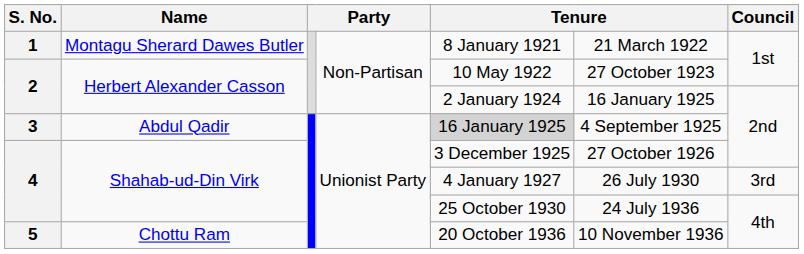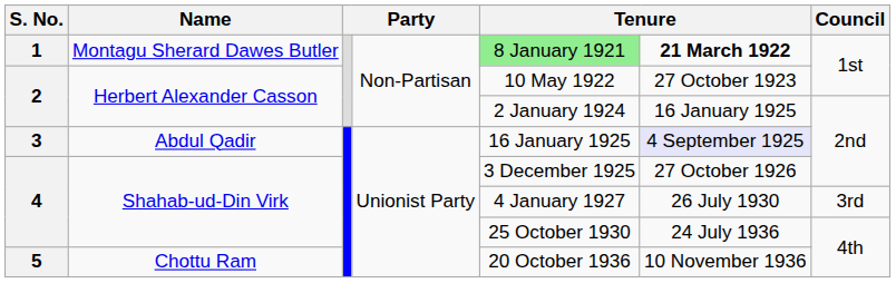 <table class="wikitable" style="text-align:center">
 <tr>
 <th>S. No.</th>
 <th>Name</th>
 <th colspan=2>Party</th>
 <th colspan=2>Tenure</th>
 <th>Council</th>
 </tr>
 <tr>
 <th>1</th>
 <td><a href='#'>Montagu Sherard Dawes Butler</a></td>
 <td bgcolor=#DDDDDD rowspan=3></td>
 <td rowspan=3>Non-Partisan</td>
-<td>8 January 1921</td>
-<td>21 March 1922</td>
+<td style="background: lightgreen;">8 January 1921</td>
+<td><strong>21 March 1922</strong></td>
 <td rowspan=2>1st</td>
 </tr>
 <tr>
 <th rowspan=2>2</th>
 <td rowspan=2><a href='#'>Herbert Alexander Casson</a></td>
 <td>10 May 1922</td>
 <td>27 October 1923</td>
 </tr>
 <tr>
 <td>2 January 1924</td>
 <td>16 January 1925</td>
 <td rowspan=3>2nd</td>
 </tr>
 <tr>
 <th>3</th>
 <td><a href='#'>Abdul Qadir</a></td>
 <td bgcolor=blue rowspan=5></td>
 <td rowspan=5>Unionist Party</td>
-<td style="background: lightgrey;">16 January 1925</td>
-<td>4 September 1925</td>
+<td>16 January 1925</td>
+<td style="background: lavender;">4 September 1925</td>
 </tr>
 <tr>
 <th rowspan=3>4</th>
 <td rowspan=3><a href='#'>Shahab-ud-Din Virk</a></td>
 <td>3 December 1925</td>
 <td>27 October 1926</td>
 </tr>
 <tr>
 <td>4 January 1927</td>
 <td>26 July 1930</td>
 <td>3rd</td>
 </tr>
 <tr>
 <td>25 October 1930</td>
 <td>24 July 1936</td>
 <td rowspan=2>4th</td>
 </tr>
 <tr>
 <th>5</th>
 <td><a href='#'>Chottu Ram</a></td>
 <td>20 October 1936</td>
 <td>10 November 1936</td>
 </tr>
 </table>
